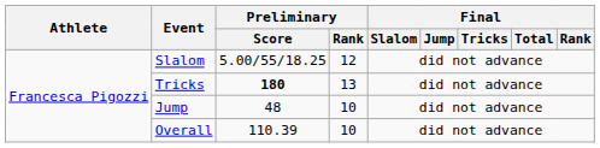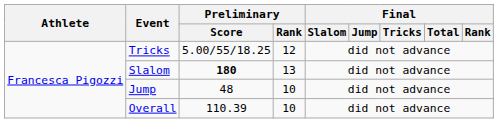 <table class=wikitable style=font-size:90%;text-align:center>
 <tr>
 <th rowspan=2>Athlete</th>
 <th rowspan=2>Event</th>
 <th colspan=2>Preliminary</th>
 <th colspan=5>Final</th>
 </tr>
 <tr style=font-size:95%>
 <th>Score</th>
 <th>Rank</th>
 <th>Slalom</th>
 <th>Jump</th>
 <th>Tricks</th>
 <th>Total</th>
 <th>Rank</th>
 </tr>
 <tr style="text-align:center">
 <td style="text-align:left" rowspan=4><a href='#'>Francesca Pigozzi</a></td>
-<td style="text-align:left"><a href='#'>Slalom</a></td>
+<td style="text-align:left"><a href='#'>Tricks</a></td>
 <td>5.00/55/18.25</td>
 <td>12</td>
 <td colspan=5>did not advance</td>
 </tr>
 <tr style="text-align:center">
-<td style="text-align:left"><a href='#'>Tricks</a></td>
+<td style="text-align:left"><a href='#'>Slalom</a></td>
 <td><strong>180</strong></td>
 <td>13</td>
 <td colspan=5>did not advance</td>
 </tr>
 <tr style="text-align:center">
 <td style="text-align:left"><a href='#'>Jump</a></td>
 <td>48</td>
 <td>10</td>
 <td colspan=5>did not advance</td>
 </tr>
 <tr style="text-align:center">
 <td style="text-align:left"><a href='#'>Overall</a></td>
 <td>110.39</td>
 <td>10</td>
 <td colspan=5>did not advance</td>
 </tr>
 </table>
